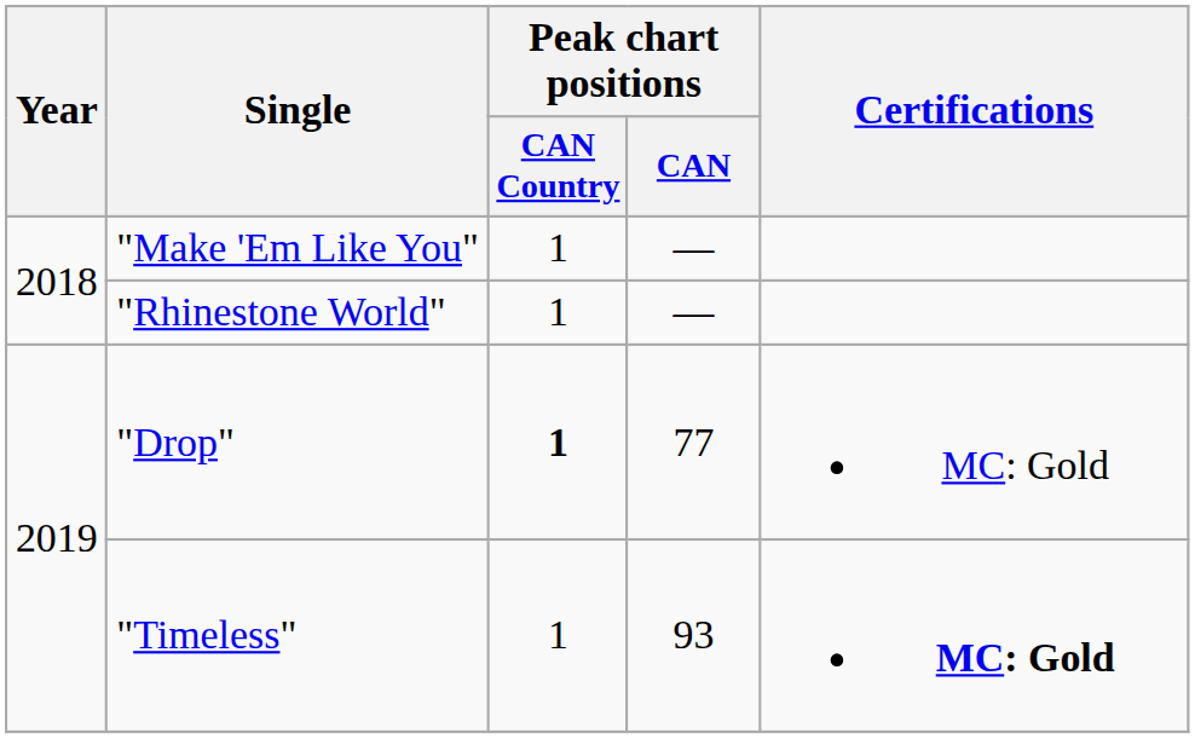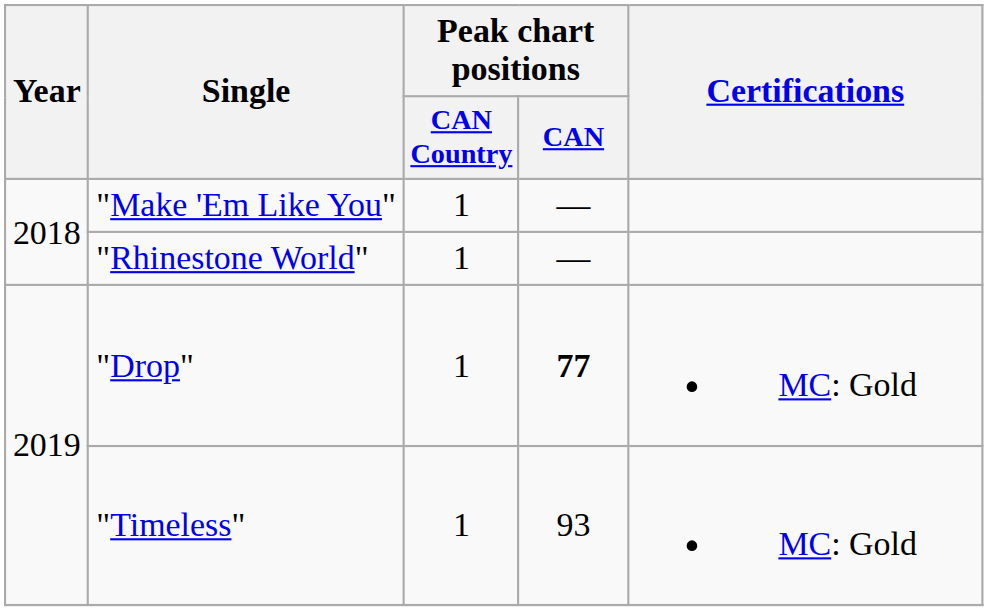 <table class="wikitable" style="text-align:center;">
 <tr>
 <th rowspan="2">Year</th>
 <th rowspan="2">Single</th>
 <th colspan="2">Peak chart<br>positions</th>
 <th rowspan="2" style="width:10em;"><a href='#'>Certifications</a></th>
 </tr>
 <tr style="font-size:smaller;">
 <th width="45"><a href='#'>CAN Country</a><br></th>
 <th width="45"><a href='#'>CAN</a><br></th>
 </tr>
 <tr>
 <td rowspan="2">2018</td>
 <td align="left">"<a href='#'>Make 'Em Like You</a>"</td>
 <td>1</td>
 <td>—</td>
 <td></td>
 </tr>
 <tr>
 <td align="left">"<a href='#'>Rhinestone World</a>"</td>
 <td>1</td>
 <td>—</td>
 <td></td>
 </tr>
 <tr>
 <td rowspan="2">2019</td>
 <td align="left">"<a href='#'>Drop</a>"</td>
-<td><strong>1</strong></td>
-<td>77</td>
+<td>1</td>
+<td><strong>77</strong></td>
 <td><br><ul><li><a href='#'>MC</a>: Gold</li></ul></td>
 </tr>
 <tr>
 <td align="left">"<a href='#'>Timeless</a>"</td>
 <td>1</td>
 <td>93</td>
-<td><strong><br><ul><li><a href='#'>MC</a>: Gold</li></ul></strong></td>
+<td><br><ul><li><a href='#'>MC</a>: Gold</li></ul></td>
 </tr>
 <tr>
 </tr>
 </table>
